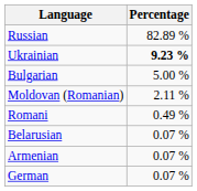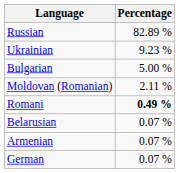 <table class="wikitable">
 <tr>
 <th>Language</th>
 <th>Percentage</th>
 </tr>
 <tr>
 <td><a href='#'>Russian</a></td>
 <td align="right">82.89 %</td>
 </tr>
 <tr>
 <td><a href='#'>Ukrainian</a></td>
-<td align="right"><strong>9.23 %</strong></td>
+<td align="right">9.23 %</td>
 </tr>
 <tr>
 <td><a href='#'>Bulgarian</a></td>
 <td align="right">5.00 %</td>
 </tr>
 <tr>
 <td><a href='#'>Moldovan</a> (<a href='#'>Romanian</a>)</td>
 <td align="right">2.11 %</td>
 </tr>
 <tr>
 <td><a href='#'>Romani</a></td>
-<td align="right">0.49 %</td>
+<td align="right"><strong>0.49 %</strong></td>
 </tr>
 <tr>
 <td><a href='#'>Belarusian</a></td>
 <td align="right">0.07 %</td>
 </tr>
 <tr>
 <td><a href='#'>Armenian</a></td>
 <td align="right">0.07 %</td>
 </tr>
 <tr>
 <td><a href='#'>German</a></td>
 <td align="right">0.07 %</td>
 </tr>
 </table>
